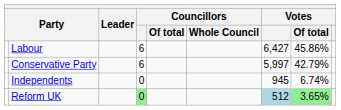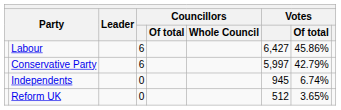 <table class="wikitable sortable" style="text-align:center;">
 <tr>
 <th colspan="9"></th>
 </tr>
 <tr>
 <th colspan="2" rowspan="2">Party</th>
 <th rowspan="2">Leader</th>
 <th colspan="3">Councillors</th>
 <th colspan="3">Votes</th>
 </tr>
 <tr>
 <th></th>
 <th>Of total</th>
 <th class="unsortable">Whole Council</th>
 <th></th>
 <th>Of total</th>
 <th class="unsortable"></th>
 </tr>
 <tr>
 <td style="background:"></td>
 <td style="text-align:left;"><a href='#'>Labour</a></td>
 <td style="text-align:left;"><small></small></td>
 <td style="text-align:right;">6</td>
 <td style="text-align:right;"></td>
 <td data-sort-value=""></td>
 <td style="text-align:right;">6,427</td>
 <td style="text-align:right;">45.86%</td>
 <td></td>
 </tr>
 <tr>
 <td style="background:"></td>
 <td style="text-align:left;"><a href='#'>Conservative Party</a></td>
 <td style="text-align:left;"><small></small></td>
 <td style="text-align:right;">6</td>
 <td style="text-align:right;"></td>
 <td data-sort-value=""></td>
 <td style="text-align:right;">5,997</td>
 <td style="text-align:right;">42.79%</td>
 <td></td>
 </tr>
 <tr>
 <td style="background:"></td>
 <td style="text-align:left;"><a href='#'>Independents</a></td>
 <td style="text-align:left;"><small></small></td>
 <td style="text-align:right;">0</td>
 <td style="text-align:right;"></td>
 <td data-sort-value=""></td>
 <td style="text-align:right;">945</td>
 <td style="text-align:right;">6.74%</td>
 <td></td>
 </tr>
 <tr>
 <td style="background:"></td>
 <td style="text-align:left;"><a href='#'>Reform UK</a></td>
 <td style="text-align:left;"><small></small></td>
-<td style="background: lightgreen; text-align:right;">0</td>
+<td style="text-align:right;">0</td>
 <td style="text-align:right;"></td>
 <td data-sort-value=""></td>
-<td style="background: lightblue; text-align:right;">512</td>
-<td style="background: lightgreen; text-align:right;">3.65%</td>
+<td style="text-align:right;">512</td>
+<td style="text-align:right;">3.65%</td>
 <td></td>
 </tr>
 </table>
